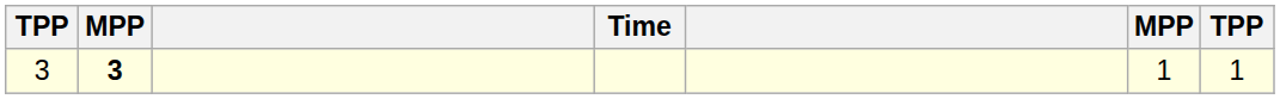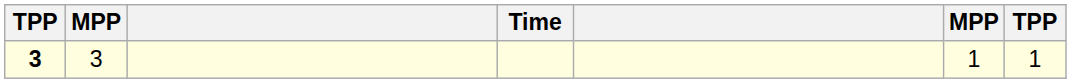 <table class="wikitable" style="text-align: center;" |>
 <tr>
 <th width="35">TPP</th>
 <th width="35">MPP</th>
 <th width="250"></th>
 <th width="45">Time</th>
 <th width="250"></th>
 <th width="35">MPP</th>
 <th width="35">TPP</th>
 </tr>
 <tr bgcolor="lightyellow">
+<td><strong>3</strong></td>
 <td>3</td>
-<td><strong>3</strong></td>
 <td style="text-align:left;"></td>
 <td></td>
 <td style="text-align:left;"><strong></strong></td>
 <td>1</td>
 <td>1</td>
 </tr>
 </table>
